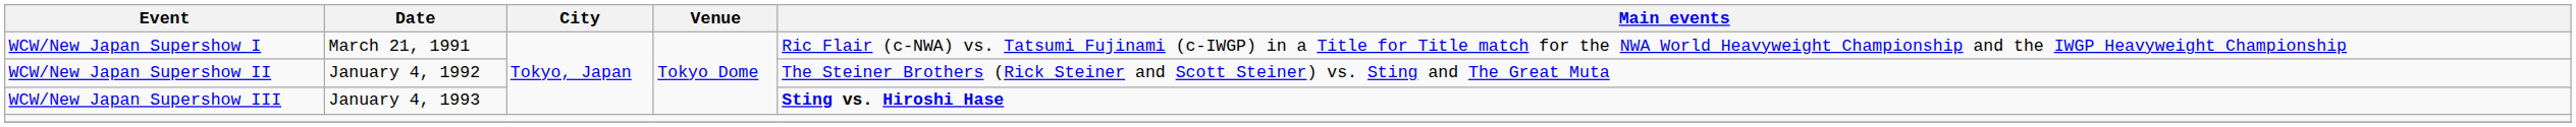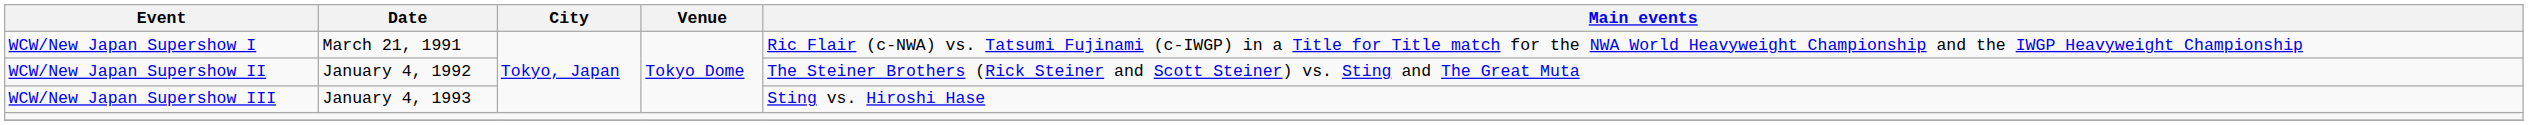 <table class="wikitable" style="align: center" width=100%>
 <tr>
 <th>Event</th>
 <th>Date</th>
 <th>City</th>
 <th>Venue</th>
 <th><a href='#'>Main events</a></th>
 </tr>
 <tr>
 <td><a href='#'>WCW/New Japan Supershow I</a></td>
 <td>March 21, 1991</td>
 <td rowspan="3"><a href='#'>Tokyo, Japan</a></td>
 <td rowspan="3"><a href='#'>Tokyo Dome</a></td>
 <td><a href='#'>Ric Flair</a> (c-NWA) vs. <a href='#'>Tatsumi Fujinami</a> (c-IWGP) in a <a href='#'>Title for Title match</a> for the <a href='#'>NWA World Heavyweight Championship</a> and the <a href='#'>IWGP Heavyweight Championship</a></td>
 </tr>
 <tr>
 <td><a href='#'>WCW/New Japan Supershow II</a></td>
 <td>January 4, 1992</td>
 <td><a href='#'>The Steiner Brothers</a> (<a href='#'>Rick Steiner</a> and <a href='#'>Scott Steiner</a>) vs. <a href='#'>Sting</a> and <a href='#'>The Great Muta</a></td>
 </tr>
 <tr>
 <td><a href='#'>WCW/New Japan Supershow III</a></td>
 <td>January 4, 1993</td>
-<td><strong><a href='#'>Sting</a> vs. <a href='#'>Hiroshi Hase</a></strong></td>
+<td><a href='#'>Sting</a> vs. <a href='#'>Hiroshi Hase</a></td>
 </tr>
 <tr>
 <td colspan="10"></td>
 </tr>
 <tr>
 </tr>
 </table>
